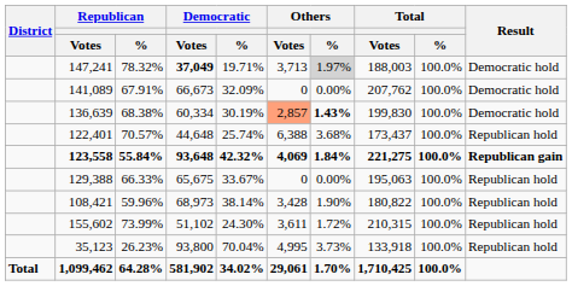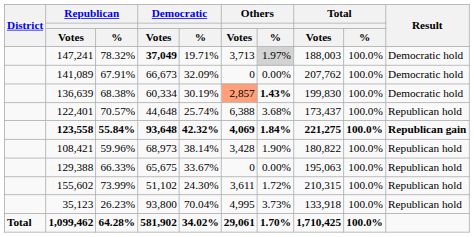 <table class="wikitable plainrowheaders sortable" style="font-size:90%; text-align:right;">
 <tr>
 <th scope=col rowspan=3><a href='#'>District</a></th>
 <th scope=col colspan=2><a href='#'>Republican</a></th>
 <th scope=col colspan=2><a href='#'>Democratic</a></th>
 <th scope=col colspan=2>Others</th>
 <th scope=col colspan=2>Total</th>
 <th scope=col rowspan=3>Result</th>
 </tr>
 <tr>
 <th scope=col colspan=2 style="background:"></th>
 <th scope=col colspan=2 style="background:"></th>
 <th scope=col colspan=2></th>
 <th scope=col colspan=2></th>
 </tr>
 <tr>
 <th scope=col data-sort-type="number">Votes</th>
 <th scope=col data-sort-type="number">%</th>
 <th scope=col data-sort-type="number">Votes</th>
 <th scope=col data-sort-type="number">%</th>
 <th scope=col data-sort-type="number">Votes</th>
 <th scope=col data-sort-type="number">%</th>
 <th scope=col data-sort-type="number">Votes</th>
 <th scope=col data-sort-type="number">%</th>
 </tr>
 <tr>
 <td align=left></td>
 <td>147,241</td>
 <td>78.32%</td>
 <td><strong>37,049</strong></td>
 <td>19.71%</td>
 <td>3,713</td>
 <td style="background: lightgrey;">1.97%</td>
 <td>188,003</td>
 <td>100.0%</td>
 <td align=left>Democratic hold</td>
 </tr>
 <tr>
 <td align=left></td>
 <td>141,089</td>
 <td>67.91%</td>
 <td>66,673</td>
 <td>32.09%</td>
 <td>0</td>
 <td>0.00%</td>
 <td>207,762</td>
 <td>100.0%</td>
 <td align=left>Democratic hold</td>
 </tr>
 <tr>
 <td align=left></td>
 <td>136,639</td>
 <td>68.38%</td>
 <td>60,334</td>
 <td>30.19%</td>
 <td style="background: lightsalmon;">2,857</td>
 <td><strong>1.43%</strong></td>
 <td>199,830</td>
 <td>100.0%</td>
 <td align=left>Democratic hold</td>
 </tr>
 <tr>
 <td align=left></td>
 <td>122,401</td>
 <td>70.57%</td>
 <td>44,648</td>
 <td>25.74%</td>
 <td>6,388</td>
 <td>3.68%</td>
 <td>173,437</td>
 <td>100.0%</td>
 <td align=left>Republican hold</td>
 </tr>
 <tr>
 <td align=left><strong></strong></td>
 <td><strong>123,558</strong></td>
 <td><strong>55.84%</strong></td>
 <td><strong>93,648</strong></td>
 <td><strong>42.32%</strong></td>
 <td><strong>4,069</strong></td>
 <td><strong>1.84%</strong></td>
 <td><strong>221,275</strong></td>
 <td><strong>100.0%</strong></td>
 <td align=left><strong>Republican gain</strong></td>
 </tr>
 <tr>
 <td align=left></td>
+<td>108,421</td>
+<td>59.96%</td>
+<td>68,973</td>
+<td>38.14%</td>
+<td>3,428</td>
+<td>1.90%</td>
+<td>180,822</td>
+<td>100.0%</td>
+<td align=left>Republican hold</td>
+</tr>
+<tr>
+<td align=left></td>
 <td>129,388</td>
 <td>66.33%</td>
 <td>65,675</td>
 <td>33.67%</td>
 <td>0</td>
 <td>0.00%</td>
 <td>195,063</td>
-<td>100.0%</td>
-<td align=left>Republican hold</td>
-</tr>
-<tr>
-<td align=left></td>
-<td>108,421</td>
-<td>59.96%</td>
-<td>68,973</td>
-<td>38.14%</td>
-<td>3,428</td>
-<td>1.90%</td>
-<td>180,822</td>
 <td>100.0%</td>
 <td align=left>Republican hold</td>
 </tr>
 <tr>
 <td align=left></td>
 <td>155,602</td>
 <td>73.99%</td>
 <td>51,102</td>
 <td>24.30%</td>
 <td>3,611</td>
 <td>1.72%</td>
 <td>210,315</td>
 <td>100.0%</td>
 <td align=left>Republican hold</td>
 </tr>
 <tr>
 <td align=left></td>
 <td>35,123</td>
 <td>26.23%</td>
 <td>93,800</td>
 <td>70.04%</td>
 <td>4,995</td>
 <td>3.73%</td>
 <td>133,918</td>
 <td>100.0%</td>
 <td align=left>Republican hold</td>
 </tr>
 <tr class="sortbottom" style="font-weight:bold">
 <td align=left>Total</td>
 <td>1,099,462</td>
 <td>64.28%</td>
 <td>581,902</td>
 <td>34.02%</td>
 <td>29,061</td>
 <td>1.70%</td>
 <td>1,710,425</td>
 <td>100.0%</td>
 <td></td>
 </tr>
 </table>
